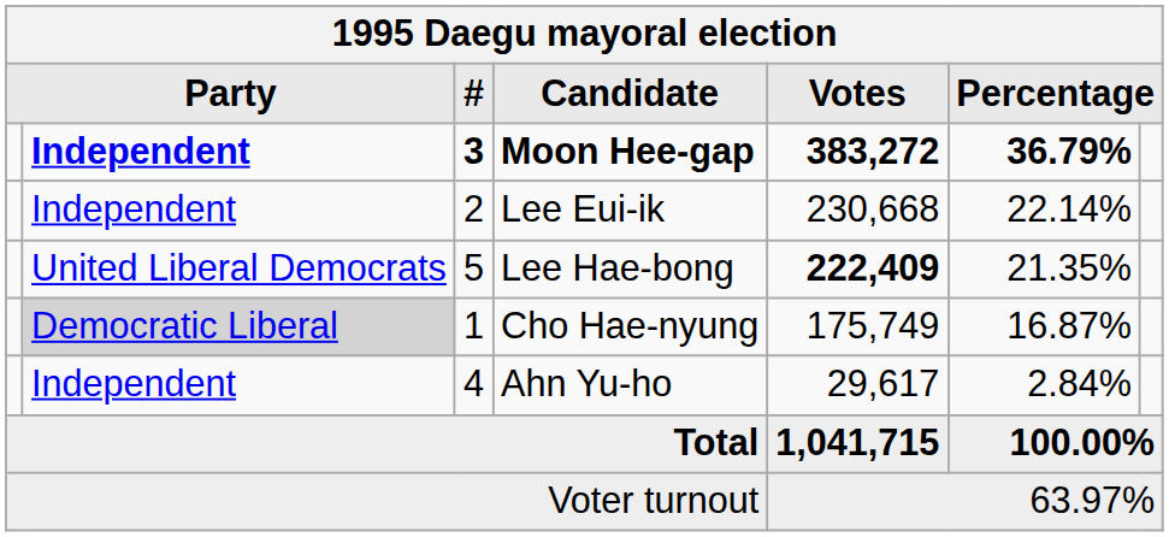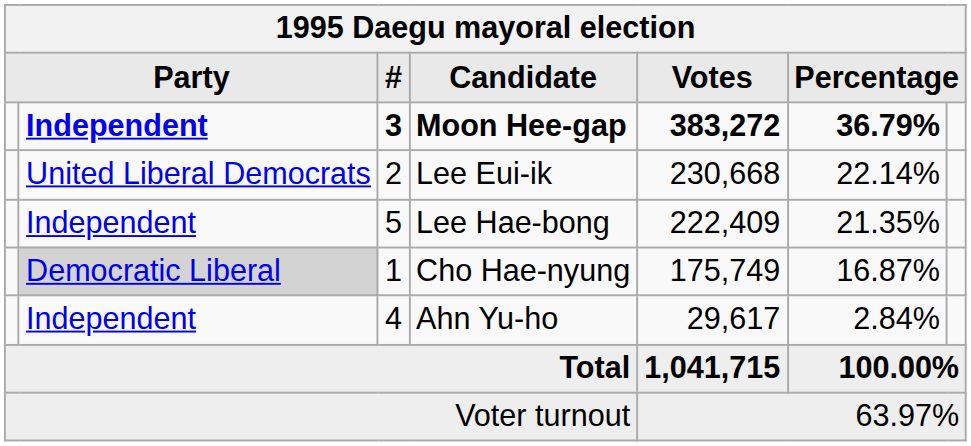 <table class="wikitable">
 <tr>
 <th colspan="7">1995 Daegu mayoral election</th>
 </tr>
 <tr>
 <th style="background-color:#E9E9E9" colspan=2>Party</th>
 <th style="background-color:#E9E9E9">#</th>
 <th style="background-color:#E9E9E9">Candidate</th>
 <th style="background-color:#E9E9E9">Votes</th>
 <th style="background-color:#E9E9E9" colspan=2>Percentage</th>
 </tr>
 <tr style="font-weight:bold">
 <td></td>
 <td align=left><a href='#'>Independent</a></td>
 <td align=center>3</td>
 <td align=left>Moon Hee-gap</td>
 <td align=right>383,272</td>
 <td align=right>36.79%</td>
 <td align=right></td>
 </tr>
 <tr>
 <td></td>
-<td align=left><a href='#'>Independent</a></td>
+<td align=left><a href='#'>United Liberal Democrats</a></td>
 <td align=center>2</td>
 <td align=left>Lee Eui-ik</td>
 <td align=right>230,668</td>
 <td align=right>22.14%</td>
 <td align=right></td>
 </tr>
 <tr>
 <td></td>
-<td align=left><a href='#'>United Liberal Democrats</a></td>
+<td align=left><a href='#'>Independent</a></td>
 <td align=center>5</td>
 <td align=left>Lee Hae-bong</td>
-<td align=right><strong>222,409</strong></td>
+<td align=right>222,409</td>
 <td align=right>21.35%</td>
 <td align=right></td>
 </tr>
 <tr>
 <td></td>
 <td align=left style="background: lightgrey;"><a href='#'>Democratic Liberal</a></td>
 <td align=center>1</td>
 <td align=left>Cho Hae-nyung</td>
 <td align=right>175,749</td>
 <td align=right>16.87%</td>
 <td align=right></td>
 </tr>
 <tr>
 <td></td>
 <td align=left><a href='#'>Independent</a></td>
 <td align=center>4</td>
 <td align=left>Ahn Yu-ho</td>
 <td align=right>29,617</td>
 <td align=right>2.84%</td>
 <td align=right></td>
 </tr>
 <tr bgcolor="#EEEEEE" style="font-weight:bold">
 <td colspan="4" align=right>Total</td>
 <td align=right>1,041,715</td>
 <td align=right colspan=2>100.00%</td>
 </tr>
 <tr bgcolor="#EEEEEE">
 <td colspan="4" align="right">Voter turnout</td>
 <td colspan="3" align="right">63.97%</td>
 </tr>
 </table>
